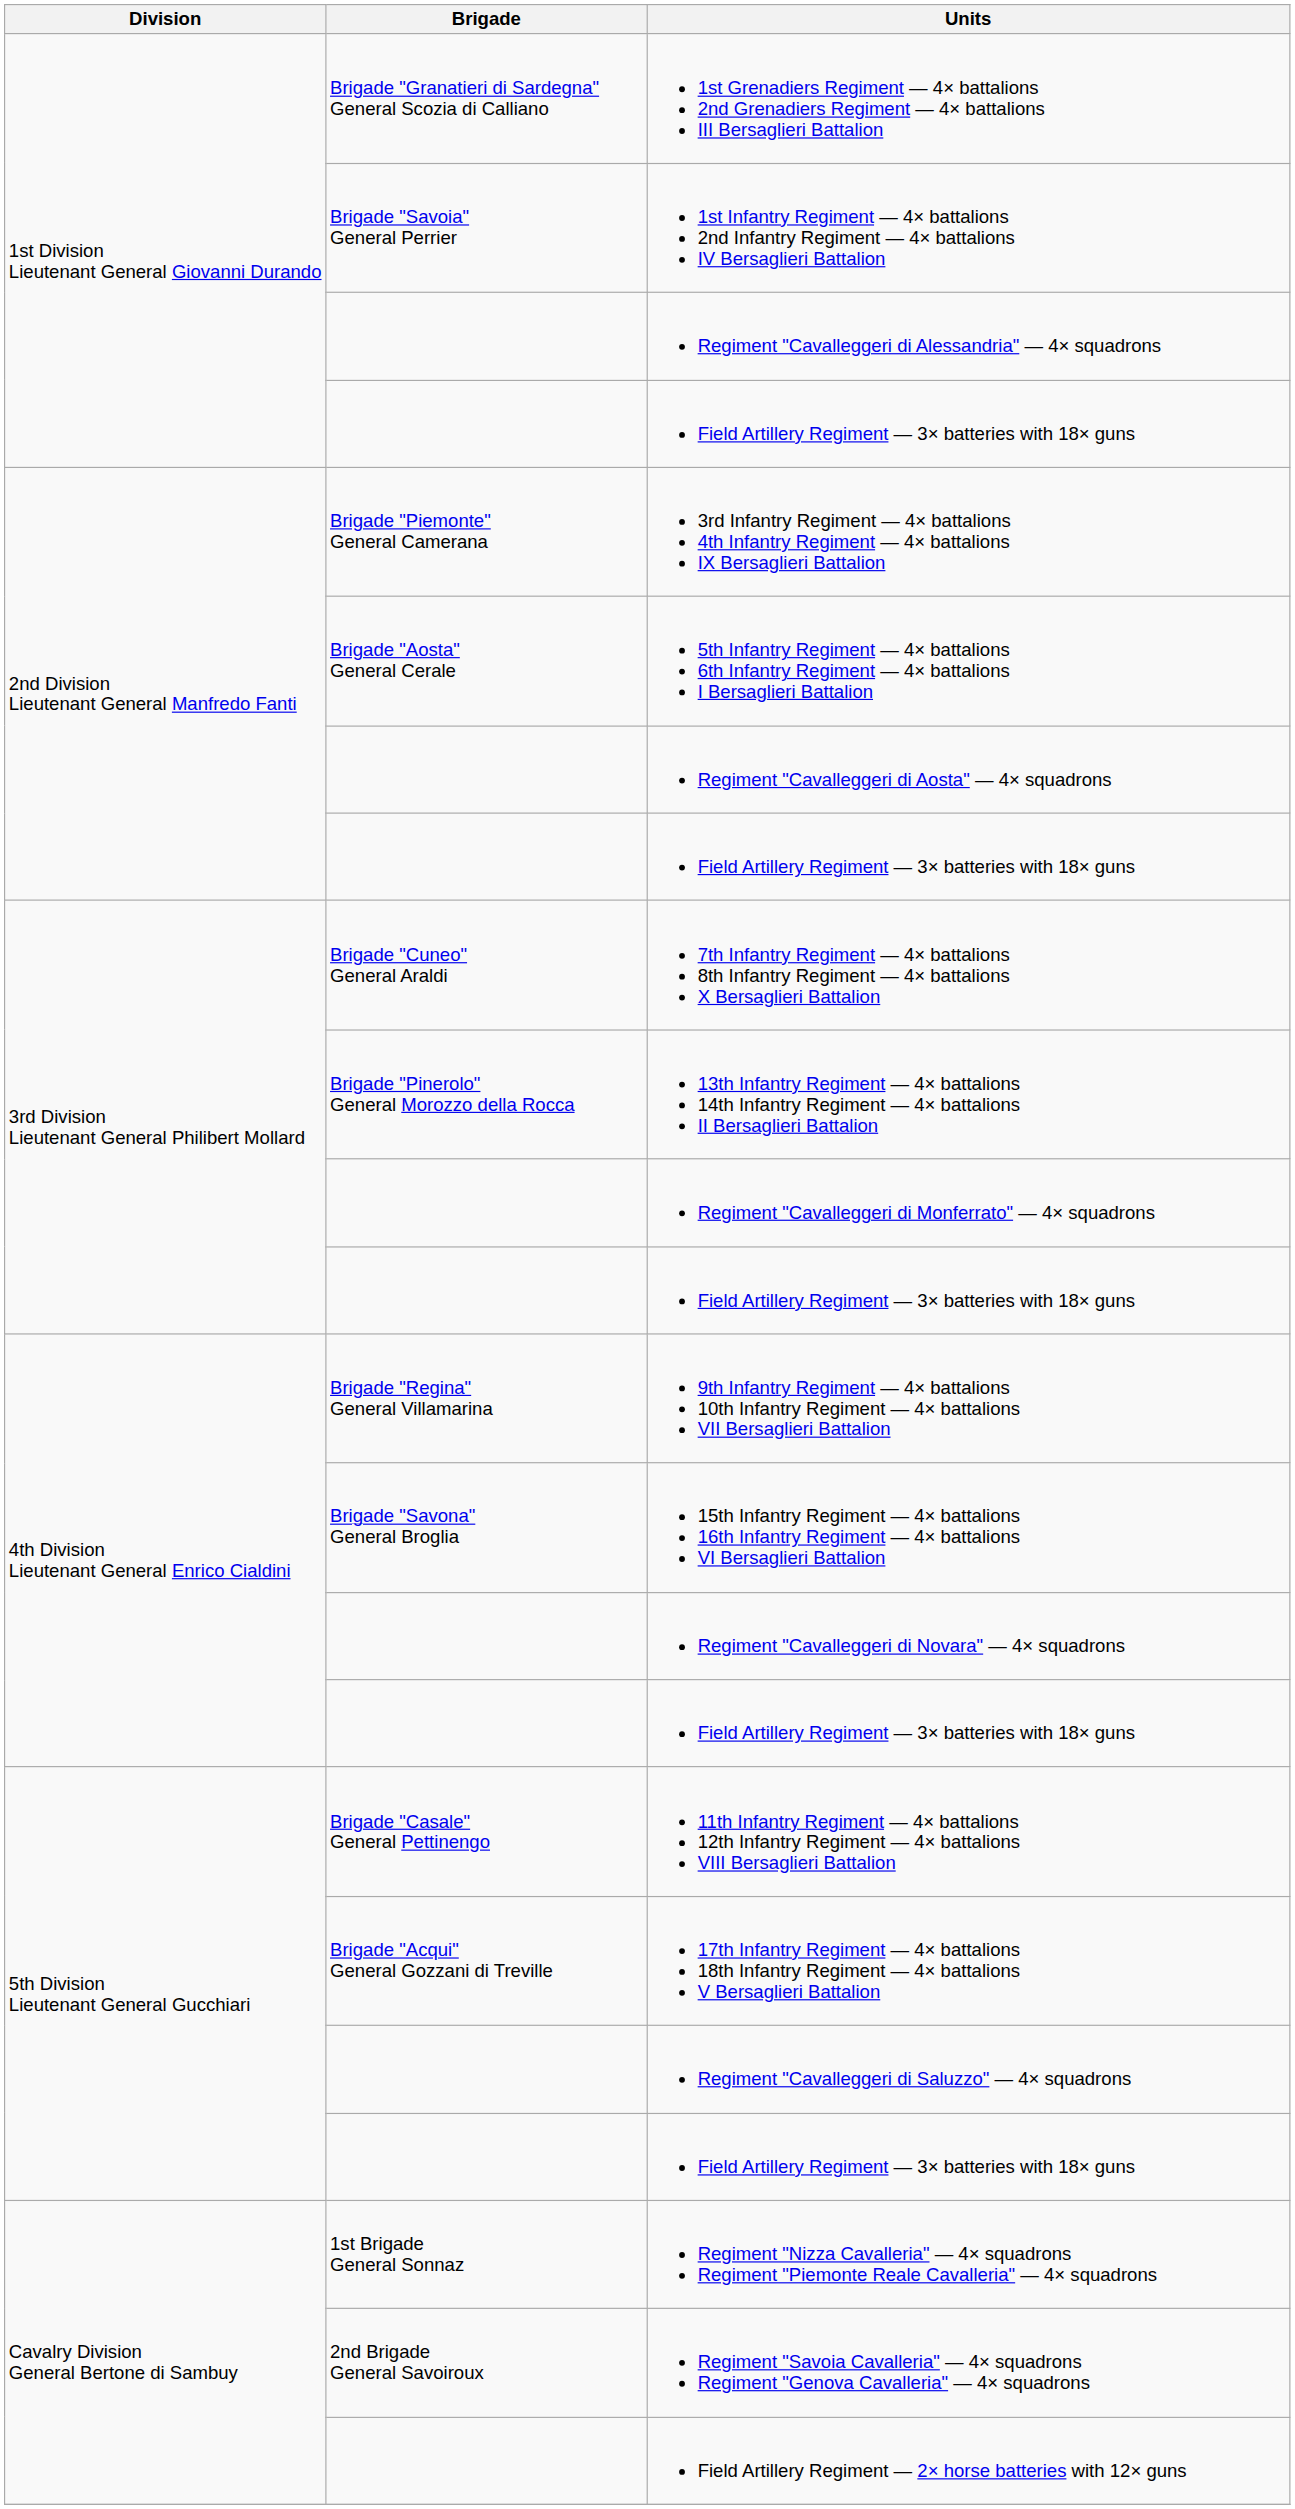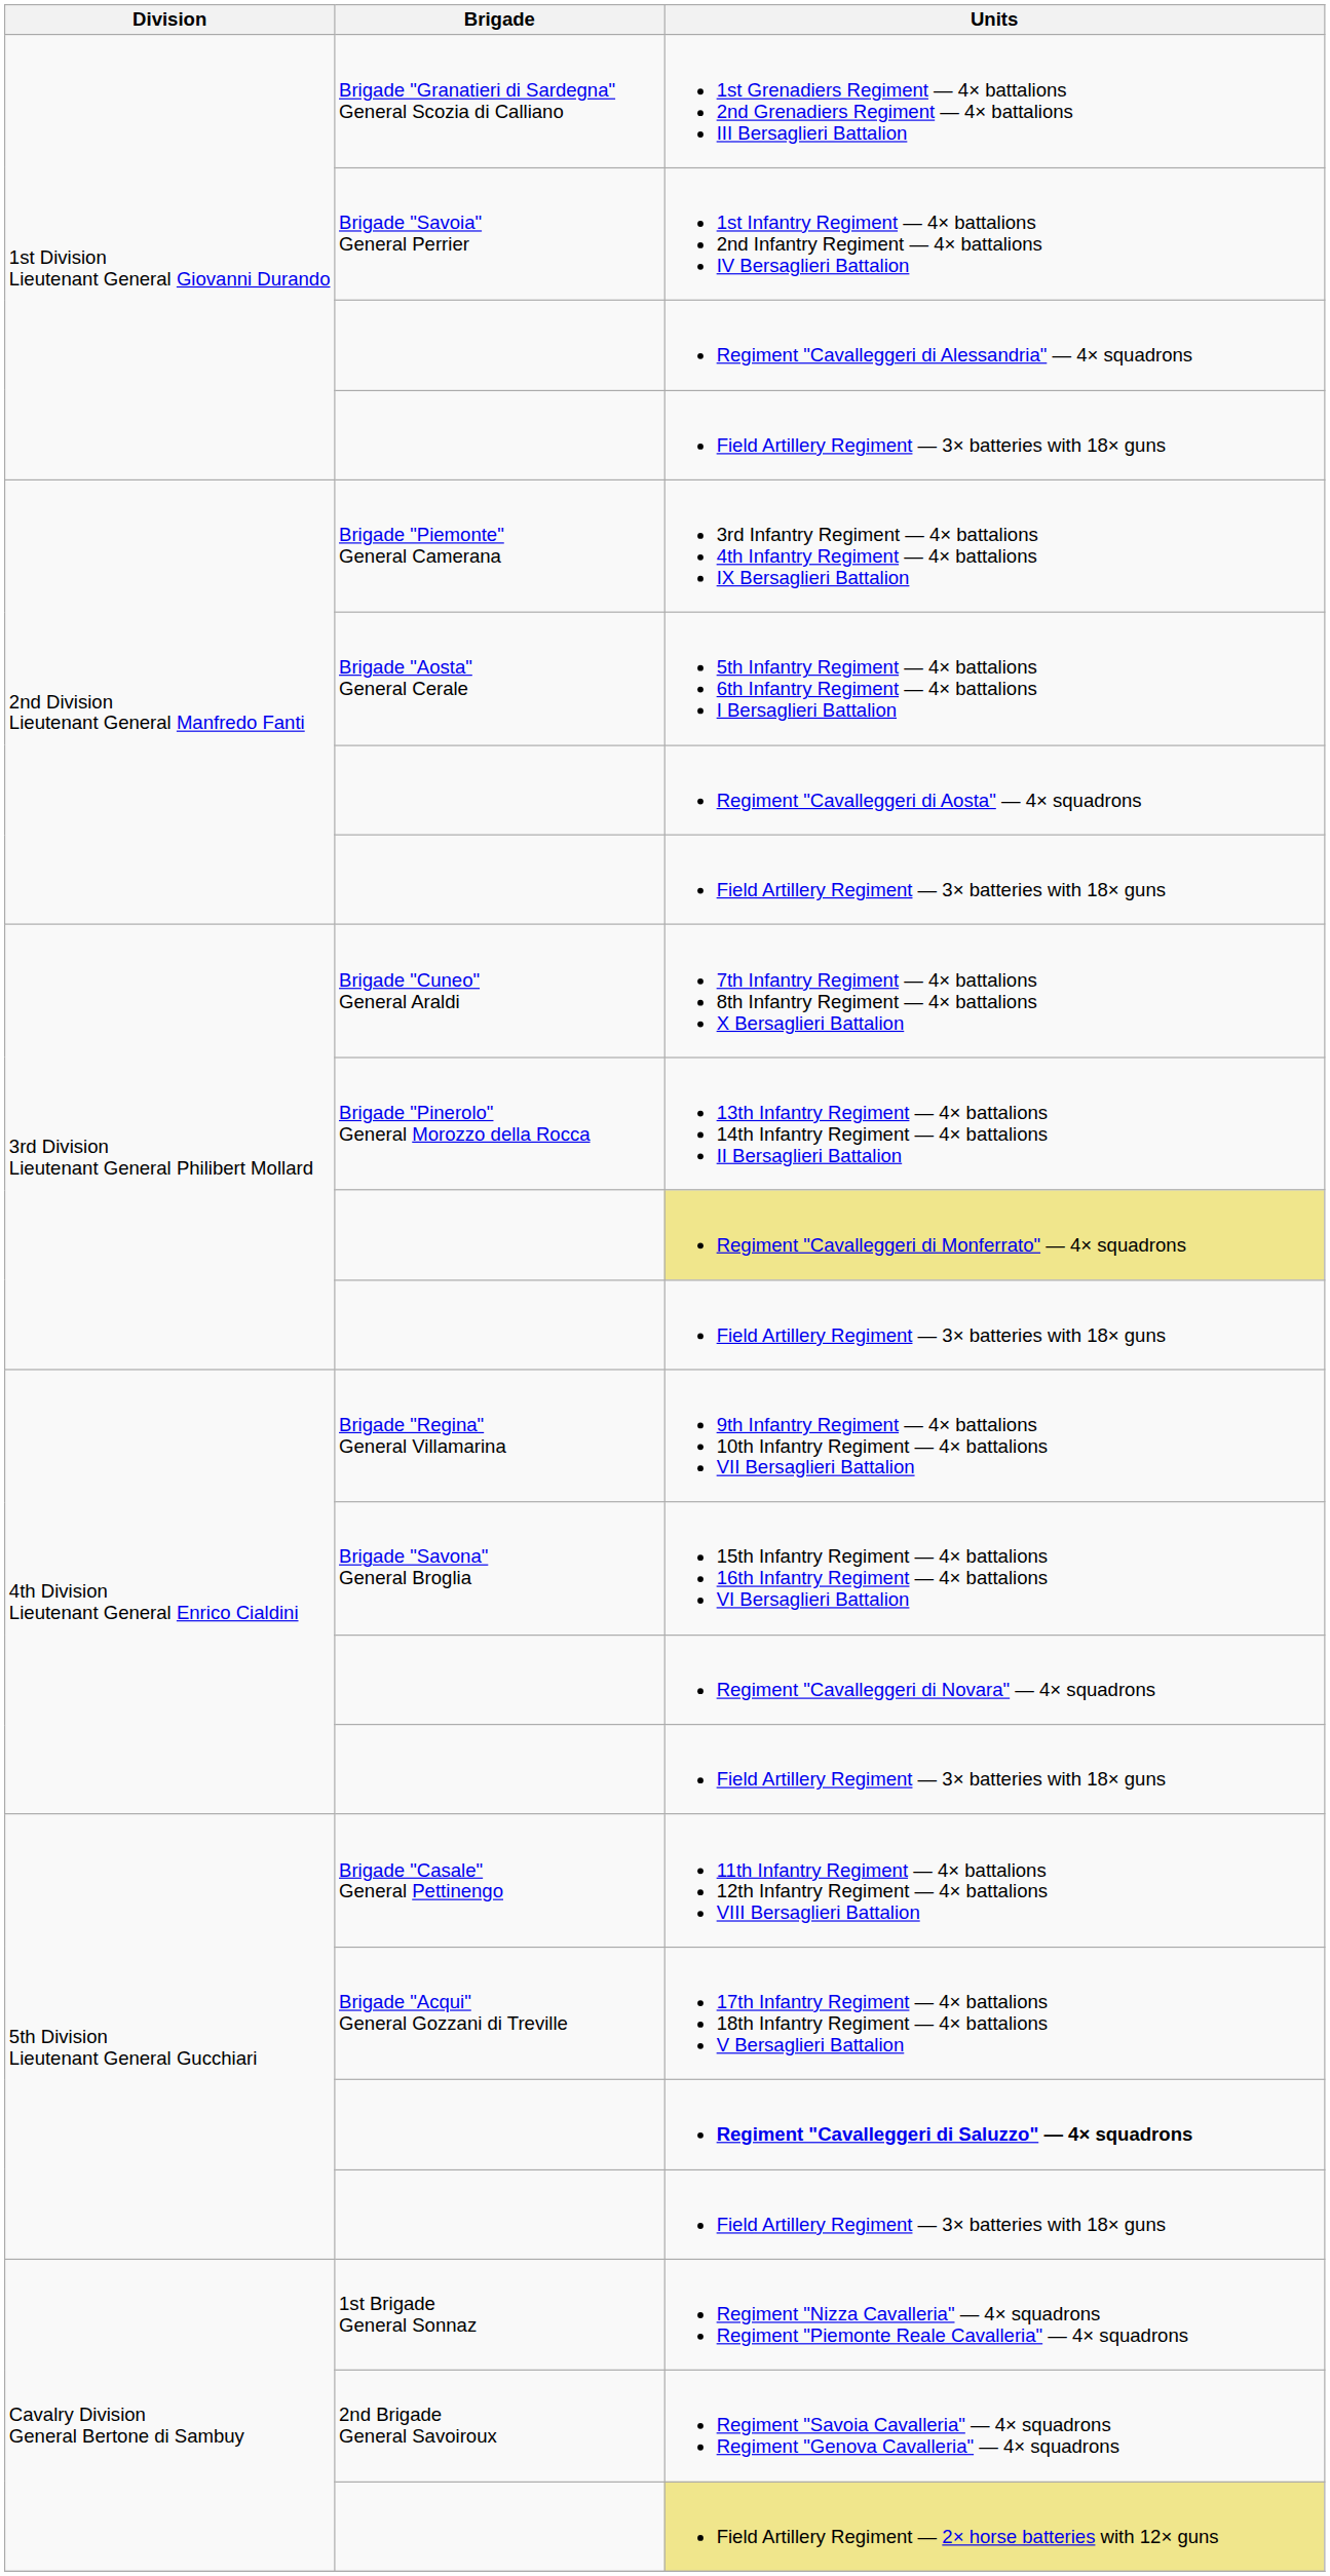 <table class="wikitable">
 <tr>
 <th width=25%>Division</th>
 <th width=25%>Brigade</th>
 <th>Units</th>
 </tr>
 <tr>
 <td rowspan=4><br>1st Division<br>Lieutenant General <a href='#'>Giovanni Durando</a></td>
 <td><a href='#'>Brigade "Granatieri di Sardegna"</a><br>General Scozia di Calliano</td>
 <td><br><ul><li><a href='#'>1st Grenadiers Regiment</a> — 4× battalions</li><li><a href='#'>2nd Grenadiers Regiment</a> — 4× battalions</li><li><a href='#'>III Bersaglieri Battalion</a></li></ul></td>
 </tr>
 <tr>
 <td><a href='#'>Brigade "Savoia"</a><br>General Perrier</td>
 <td><br><ul><li><a href='#'>1st Infantry Regiment</a> — 4× battalions</li><li>2nd Infantry Regiment — 4× battalions</li><li><a href='#'>IV Bersaglieri Battalion</a></li></ul></td>
 </tr>
 <tr>
 <td></td>
 <td><br><ul><li><a href='#'>Regiment "Cavalleggeri di Alessandria"</a> — 4× squadrons</li></ul></td>
 </tr>
 <tr>
 <td></td>
 <td><br><ul><li><a href='#'>Field Artillery Regiment</a> — 3× batteries with 18× guns</li></ul></td>
 </tr>
 <tr>
 <td rowspan=4><br>2nd Division<br>Lieutenant General <a href='#'>Manfredo Fanti</a></td>
 <td><a href='#'>Brigade "Piemonte"</a><br>General Camerana</td>
 <td><br><ul><li>3rd Infantry Regiment — 4× battalions</li><li><a href='#'>4th Infantry Regiment</a> — 4× battalions</li><li><a href='#'>IX Bersaglieri Battalion</a></li></ul></td>
 </tr>
 <tr>
 <td><a href='#'>Brigade "Aosta"</a><br>General Cerale</td>
 <td><br><ul><li><a href='#'>5th Infantry Regiment</a> — 4× battalions</li><li><a href='#'>6th Infantry Regiment</a> — 4× battalions</li><li><a href='#'>I Bersaglieri Battalion</a></li></ul></td>
 </tr>
 <tr>
 <td></td>
 <td><br><ul><li><a href='#'>Regiment "Cavalleggeri di Aosta"</a> — 4× squadrons</li></ul></td>
 </tr>
 <tr>
 <td></td>
 <td><br><ul><li><a href='#'>Field Artillery Regiment</a> — 3× batteries with 18× guns</li></ul></td>
 </tr>
 <tr>
 <td rowspan=4><br>3rd Division<br>Lieutenant General Philibert Mollard</td>
 <td><a href='#'>Brigade "Cuneo"</a><br>General Araldi</td>
 <td><br><ul><li><a href='#'>7th Infantry Regiment</a> — 4× battalions</li><li>8th Infantry Regiment — 4× battalions</li><li><a href='#'>X Bersaglieri Battalion</a></li></ul></td>
 </tr>
 <tr>
 <td><a href='#'>Brigade "Pinerolo"</a><br>General <a href='#'>Morozzo della Rocca</a></td>
 <td><br><ul><li><a href='#'>13th Infantry Regiment</a> — 4× battalions</li><li>14th Infantry Regiment — 4× battalions</li><li><a href='#'>II Bersaglieri Battalion</a></li></ul></td>
 </tr>
 <tr>
 <td></td>
-<td><br><ul><li><a href='#'>Regiment "Cavalleggeri di Monferrato"</a> — 4× squadrons</li></ul></td>
+<td style="background: khaki;"><br><ul><li><a href='#'>Regiment "Cavalleggeri di Monferrato"</a> — 4× squadrons</li></ul></td>
 </tr>
 <tr>
 <td></td>
 <td><br><ul><li><a href='#'>Field Artillery Regiment</a> — 3× batteries with 18× guns</li></ul></td>
 </tr>
 <tr>
 <td rowspan=4><br>4th Division<br>Lieutenant General <a href='#'>Enrico Cialdini</a></td>
 <td><a href='#'>Brigade "Regina"</a><br>General Villamarina</td>
 <td><br><ul><li><a href='#'>9th Infantry Regiment</a> — 4× battalions</li><li>10th Infantry Regiment — 4× battalions</li><li><a href='#'>VII Bersaglieri Battalion</a></li></ul></td>
 </tr>
 <tr>
 <td><a href='#'>Brigade "Savona"</a><br>General Broglia</td>
 <td><br><ul><li>15th Infantry Regiment — 4× battalions</li><li><a href='#'>16th Infantry Regiment</a> — 4× battalions</li><li><a href='#'>VI Bersaglieri Battalion</a></li></ul></td>
 </tr>
 <tr>
 <td></td>
 <td><br><ul><li><a href='#'>Regiment "Cavalleggeri di Novara"</a> — 4× squadrons</li></ul></td>
 </tr>
 <tr>
 <td></td>
 <td><br><ul><li><a href='#'>Field Artillery Regiment</a> — 3× batteries with 18× guns</li></ul></td>
 </tr>
 <tr>
 <td rowspan=4><br>5th Division<br>Lieutenant General Gucchiari</td>
 <td><a href='#'>Brigade "Casale"</a><br>General <a href='#'>Pettinengo</a></td>
 <td><br><ul><li><a href='#'>11th Infantry Regiment</a> — 4× battalions</li><li>12th Infantry Regiment — 4× battalions</li><li><a href='#'>VIII Bersaglieri Battalion</a></li></ul></td>
 </tr>
 <tr>
 <td><a href='#'>Brigade "Acqui"</a><br>General Gozzani di Treville</td>
 <td><br><ul><li><a href='#'>17th Infantry Regiment</a> — 4× battalions</li><li>18th Infantry Regiment — 4× battalions</li><li><a href='#'>V Bersaglieri Battalion</a></li></ul></td>
 </tr>
 <tr>
 <td></td>
-<td><br><ul><li><a href='#'>Regiment "Cavalleggeri di Saluzzo"</a> — 4× squadrons</li></ul></td>
+<td><strong><br><ul><li><a href='#'>Regiment "Cavalleggeri di Saluzzo"</a> — 4× squadrons</li></ul></strong></td>
 </tr>
 <tr>
 <td></td>
 <td><br><ul><li><a href='#'>Field Artillery Regiment</a> — 3× batteries with 18× guns</li></ul></td>
 </tr>
 <tr>
 <td rowspan=3><br>Cavalry Division<br>General Bertone di Sambuy</td>
 <td>1st Brigade<br>General Sonnaz</td>
 <td><br><ul><li><a href='#'>Regiment "Nizza Cavalleria"</a> — 4× squadrons</li><li><a href='#'>Regiment "Piemonte Reale Cavalleria"</a> — 4× squadrons</li></ul></td>
 </tr>
 <tr>
 <td>2nd Brigade<br>General Savoiroux</td>
 <td><br><ul><li><a href='#'>Regiment "Savoia Cavalleria"</a> — 4× squadrons</li><li><a href='#'>Regiment "Genova Cavalleria"</a> — 4× squadrons</li></ul></td>
 </tr>
 <tr>
 <td></td>
-<td><br><ul><li>Field Artillery Regiment — <a href='#'>2× horse batteries</a> with 12× guns</li></ul></td>
+<td style="background: khaki;"><br><ul><li>Field Artillery Regiment — <a href='#'>2× horse batteries</a> with 12× guns</li></ul></td>
 </tr>
 <tr>
 </tr>
 </table>
